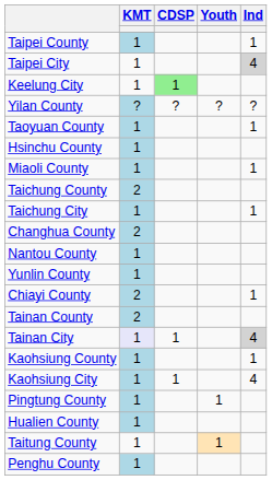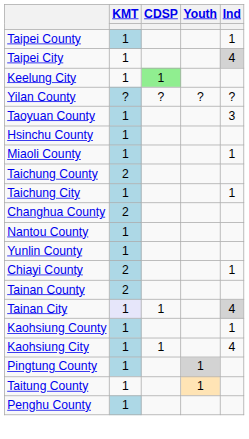 <table class="wikitable" style="text-align:center;">
 <tr>
 <th rowspan="2"></th>
 <th><a href='#'>KMT</a></th>
 <th><a href='#'>CDSP</a></th>
 <th><a href='#'>Youth</a></th>
 <th><a href='#'>Ind</a></th>
 </tr>
 <tr>
 <th style="background:"></th>
 <th style="background:"></th>
 <th style="background:"></th>
 <th style="background:"></th>
 </tr>
 <tr>
 <td align="left"><a href='#'>Taipei County</a></td>
 <td bgcolor="lightblue">1</td>
 <td></td>
 <td></td>
 <td>1</td>
 </tr>
 <tr>
 <td align="left"><a href='#'>Taipei City</a></td>
 <td>1</td>
 <td></td>
 <td></td>
 <td bgcolor="lightgray">4</td>
 </tr>
 <tr>
 <td align="left"><a href='#'>Keelung City</a></td>
 <td>1</td>
 <td bgcolor="lightgreen">1</td>
 <td></td>
 <td></td>
 </tr>
 <tr>
 <td align="left"><a href='#'>Yilan County</a></td>
 <td bgcolor="lightblue">?</td>
 <td>?</td>
 <td>?</td>
 <td>?</td>
 </tr>
 <tr>
 <td align="left"><a href='#'>Taoyuan County</a></td>
 <td bgcolor="lightblue">1</td>
 <td></td>
 <td></td>
-<td>1</td>
+<td>3</td>
 </tr>
 <tr>
 <td align="left"><a href='#'>Hsinchu County</a></td>
 <td bgcolor="lightblue">1</td>
 <td></td>
 <td></td>
 <td></td>
 </tr>
 <tr>
 <td align="left"><a href='#'>Miaoli County</a></td>
 <td bgcolor="lightblue">1</td>
 <td></td>
 <td></td>
 <td>1</td>
 </tr>
 <tr>
 <td align="left"><a href='#'>Taichung County</a></td>
 <td bgcolor="lightblue">2</td>
 <td></td>
 <td></td>
 <td></td>
 </tr>
 <tr>
 <td align="left"><a href='#'>Taichung City</a></td>
 <td bgcolor="lightblue">1</td>
 <td></td>
 <td></td>
 <td>1</td>
 </tr>
 <tr>
 <td align="left"><a href='#'>Changhua County</a></td>
 <td bgcolor="lightblue">2</td>
 <td></td>
 <td></td>
 <td></td>
 </tr>
 <tr>
 <td align="left"><a href='#'>Nantou County</a></td>
 <td bgcolor="lightblue">1</td>
 <td></td>
 <td></td>
 <td></td>
 </tr>
 <tr>
 <td align="left"><a href='#'>Yunlin County</a></td>
 <td bgcolor="lightblue">1</td>
 <td></td>
 <td></td>
 <td></td>
 </tr>
 <tr>
 <td align="left"><a href='#'>Chiayi County</a></td>
 <td bgcolor="lightblue">2</td>
 <td></td>
 <td></td>
 <td>1</td>
 </tr>
 <tr>
 <td align="left"><a href='#'>Tainan County</a></td>
 <td bgcolor="lightblue">2</td>
 <td></td>
 <td></td>
 <td></td>
 </tr>
 <tr>
 <td align="left"><a href='#'>Tainan City</a></td>
 <td style="background: lavender;">1</td>
 <td>1</td>
 <td></td>
 <td bgcolor="lightgray">4</td>
 </tr>
 <tr>
 <td align="left"><a href='#'>Kaohsiung County</a></td>
 <td bgcolor="lightblue">1</td>
 <td></td>
 <td></td>
 <td>1</td>
 </tr>
 <tr>
 <td align="left"><a href='#'>Kaohsiung City</a></td>
 <td bgcolor="lightblue">1</td>
 <td>1</td>
 <td></td>
 <td>4</td>
 </tr>
 <tr>
 <td align="left"><a href='#'>Pingtung County</a></td>
 <td bgcolor="lightblue">1</td>
 <td></td>
-<td>1</td>
-<td></td>
-</tr>
-<tr>
-<td align="left"><a href='#'>Hualien County</a></td>
-<td bgcolor="lightblue">1</td>
-<td></td>
-<td></td>
+<td style="background: lightgrey;">1</td>
 <td></td>
 </tr>
 <tr>
 <td align="left"><a href='#'>Taitung County</a></td>
 <td>1</td>
 <td></td>
 <td bgcolor="Moccasin">1</td>
 <td></td>
 </tr>
 <tr>
 <td align="left"><a href='#'>Penghu County</a></td>
 <td bgcolor="lightblue">1</td>
 <td></td>
 <td></td>
 <td></td>
 </tr>
 </table>
